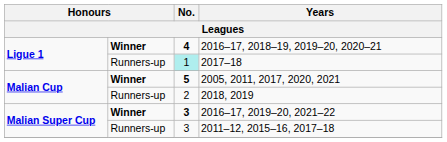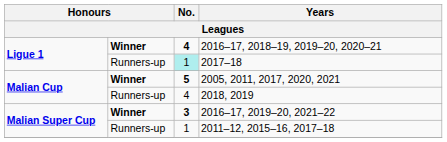 <table class="wikitable" style="font-size: 95%;">
 <tr>
 <th width=35% colspan=2>Honours</th>
 <th width=5%>No.</th>
 <th width=50%>Years</th>
 </tr>
 <tr>
 <th colspan="6">Leagues</th>
 </tr>
 <tr>
 <td rowspan=2><strong><a href='#'>Ligue 1</a></strong></td>
 <td><strong>Winner</strong></td>
 <td align=center><strong>4</strong></td>
 <td>2016–17, 2018–19, 2019–20, 2020–21</td>
 </tr>
 <tr>
 <td>Runners-up</td>
 <td align=center style="background: paleturquoise;">1</td>
 <td>2017–18</td>
 </tr>
 <tr>
 <td rowspan=2><strong><a href='#'>Malian Cup</a></strong></td>
 <td><strong>Winner</strong></td>
 <td align=center><strong>5</strong></td>
 <td>2005, 2011, 2017, 2020, 2021</td>
 </tr>
 <tr>
 <td>Runners-up</td>
-<td align=center>2</td>
+<td align=center>4</td>
 <td>2018, 2019</td>
 </tr>
 <tr>
 <td rowspan=2><strong><a href='#'>Malian Super Cup</a></strong></td>
 <td><strong>Winner</strong></td>
 <td align=center><strong>3</strong></td>
 <td>2016–17, 2019–20, 2021–22</td>
 </tr>
 <tr>
 <td>Runners-up</td>
-<td align=center>3</td>
+<td align=center>1</td>
 <td>2011–12, 2015–16, 2017–18</td>
 </tr>
 <tr>
 </tr>
 </table>
